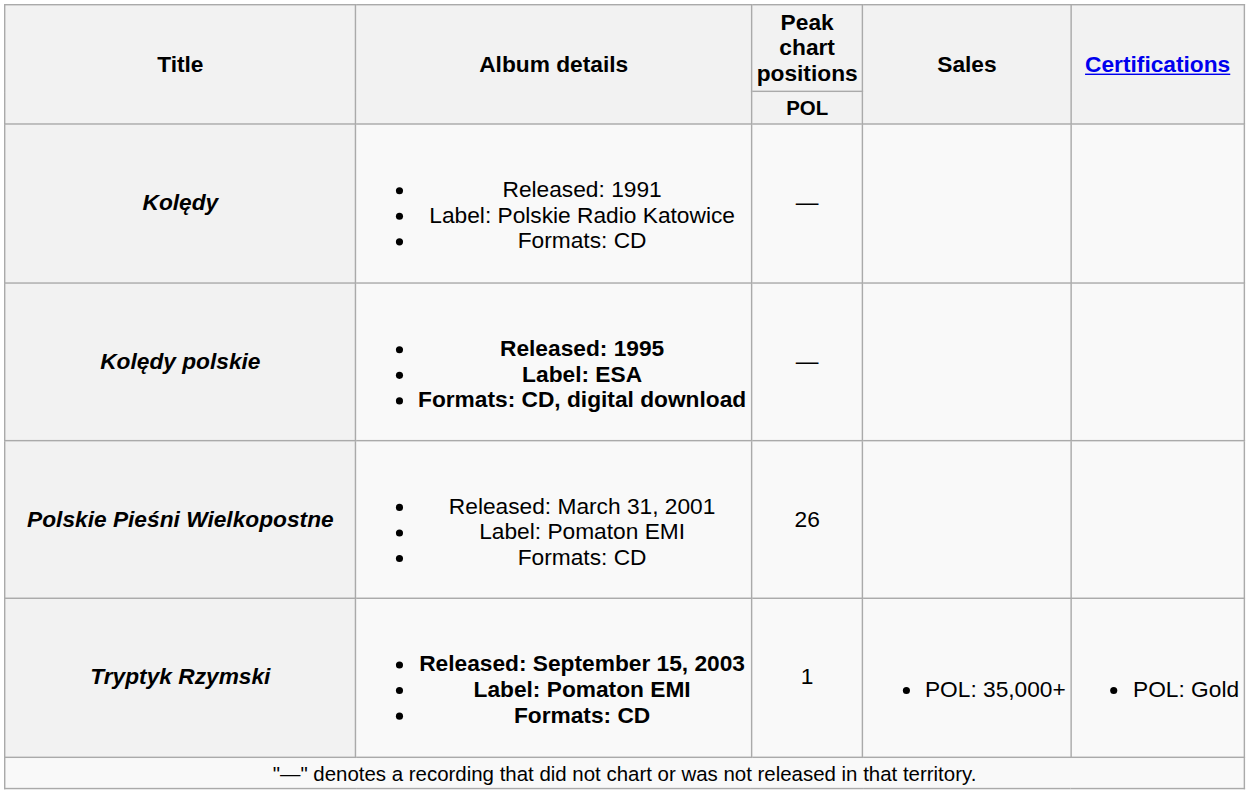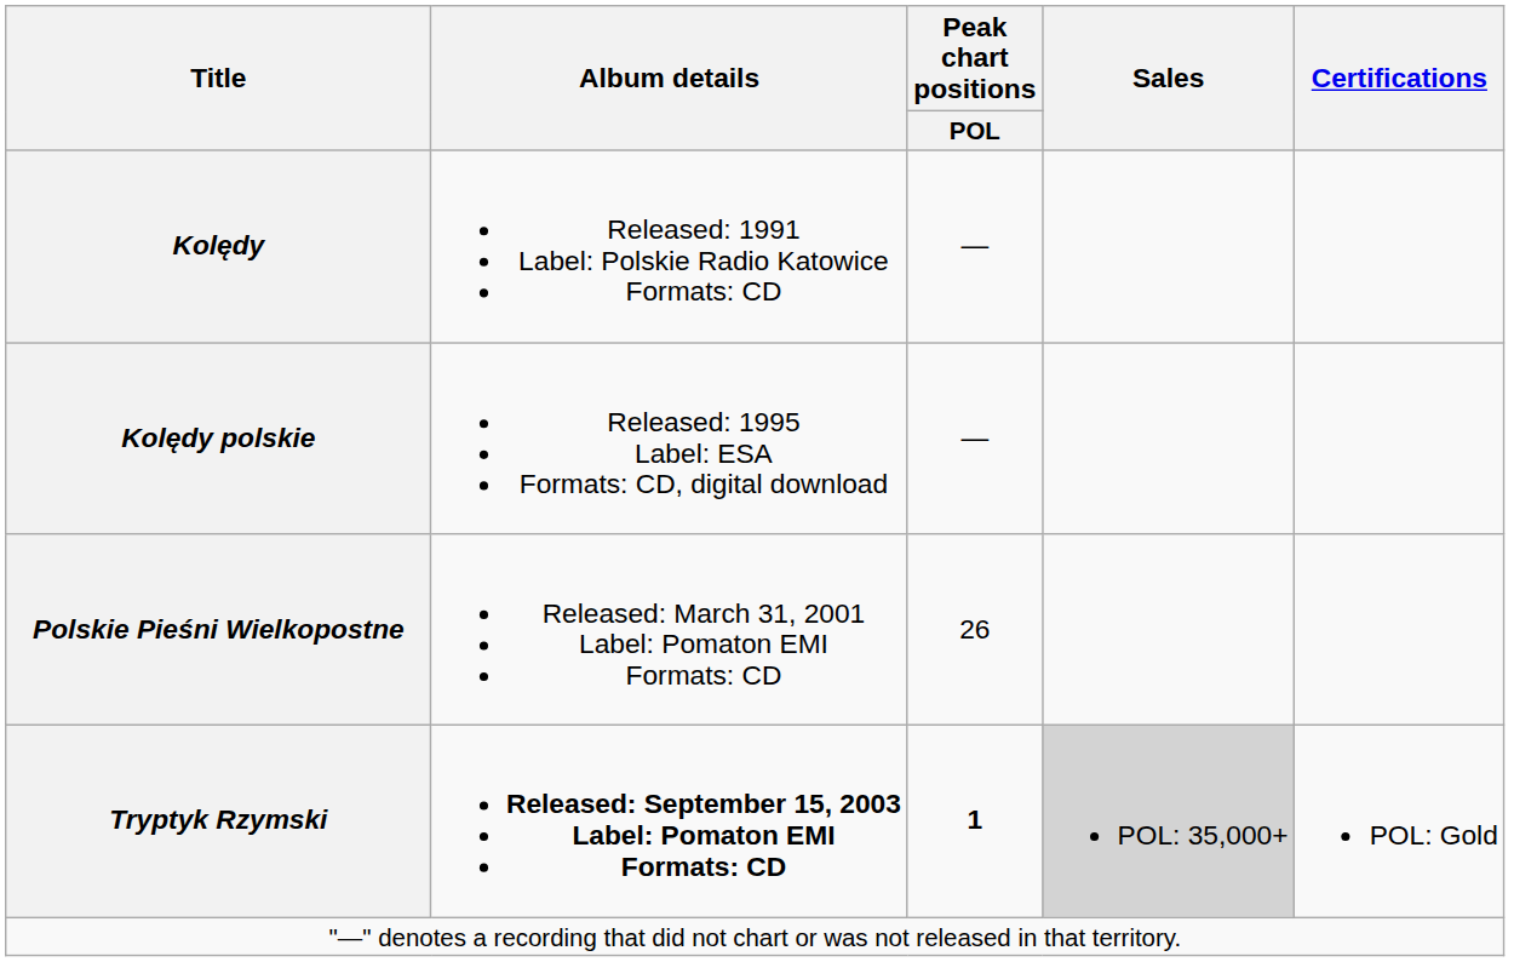 <table class="wikitable plainrowheaders" style="text-align:center;">
 <tr>
 <th scope="col" rowspan="2" style="width:15em;">Title</th>
 <th scope="col" rowspan="2">Album details</th>
 <th scope="col">Peak chart positions</th>
 <th scope="col" rowspan="2">Sales</th>
 <th scope="col" rowspan="2"><a href='#'>Certifications</a></th>
 </tr>
 <tr>
 <th scope="col" style="width:3em;font-size:90%;">POL<br></th>
 </tr>
 <tr>
 <th scope="row"><em>Kolędy</em></th>
 <td><br><ul><li>Released: 1991</li><li>Label: Polskie Radio Katowice</li><li>Formats: CD</li></ul></td>
 <td>—</td>
 <td></td>
 <td></td>
 </tr>
 <tr>
 <th scope="row"><em>Kolędy polskie</em></th>
-<td><strong><br><ul><li>Released: 1995</li><li>Label: ESA</li><li>Formats: CD, digital download</li></ul></strong></td>
+<td><br><ul><li>Released: 1995</li><li>Label: ESA</li><li>Formats: CD, digital download</li></ul></td>
 <td>—</td>
 <td></td>
 <td></td>
 </tr>
 <tr>
 <th scope="row"><em>Polskie Pieśni Wielkopostne</em></th>
 <td><br><ul><li>Released: March 31, 2001</li><li>Label: Pomaton EMI</li><li>Formats: CD</li></ul></td>
 <td>26</td>
 <td></td>
 <td></td>
 </tr>
 <tr>
 <th scope="row"><em>Tryptyk Rzymski</em></th>
 <td><strong><br><ul><li>Released: September 15, 2003</li><li>Label: Pomaton EMI</li><li>Formats: CD</li></ul></strong></td>
-<td>1</td>
-<td><br><ul><li>POL: 35,000+</li></ul></td>
+<td><strong>1</strong></td>
+<td style="background: lightgrey;"><br><ul><li>POL: 35,000+</li></ul></td>
 <td><br><ul><li>POL: Gold</li></ul></td>
 </tr>
 <tr>
 <td colspan="20" style="font-size:90%">"—" denotes a recording that did not chart or was not released in that territory.</td>
 </tr>
 </table>
